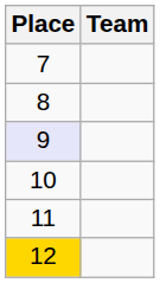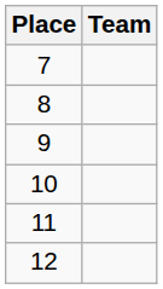 <table class="wikitable" style="text-align:center; padding-bottom:0;">
 <tr>
 <th>Place</th>
 <th style="text-align:left;">Team</th>
 </tr>
 <tr>
 <td>7</td>
 <td align=left></td>
 </tr>
 <tr>
 <td>8</td>
 <td align=left></td>
 </tr>
 <tr>
-<td style="background: lavender;">9</td>
+<td>9</td>
 <td align=left></td>
 </tr>
 <tr>
 <td>10</td>
 <td align=left></td>
 </tr>
 <tr>
 <td>11</td>
 <td align=left></td>
 </tr>
 <tr>
-<td style="background: gold;">12</td>
+<td>12</td>
 <td align=left></td>
 </tr>
 </table>
